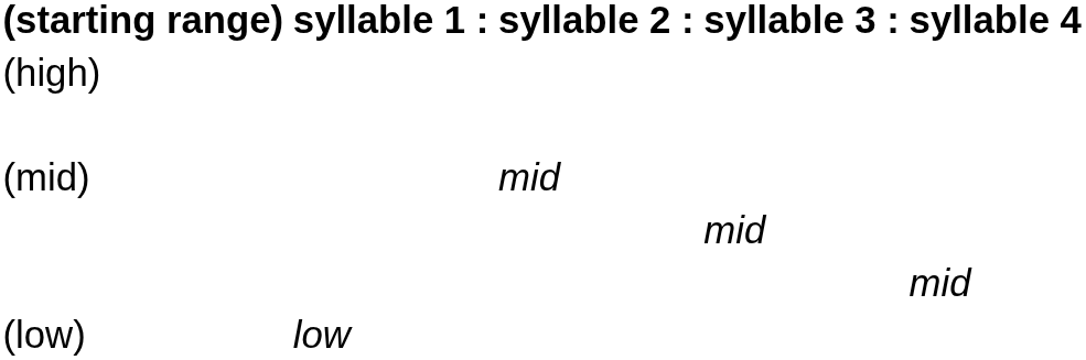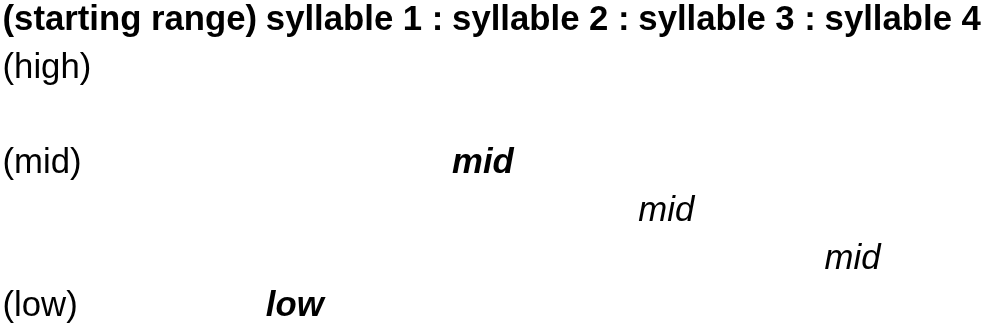 <table>
 <tr>
 <th>(starting range)</th>
 <th>syllable 1 :</th>
 <th>syllable 2 :</th>
 <th>syllable 3 :</th>
 <th>syllable 4</th>
 </tr>
 <tr>
 <td>(high)</td>
 <td></td>
 </tr>
 <tr>
 <td> </td>
 <td></td>
 </tr>
 <tr>
 <td>(mid)</td>
 <td></td>
-<td><em>mid</em></td>
+<td><strong><em>mid</em></strong></td>
 </tr>
 <tr>
 <td></td>
 <td></td>
 <td></td>
 <td><em>mid</em></td>
 </tr>
 <tr>
 <td></td>
 <td></td>
 <td></td>
 <td></td>
 <td><em>mid</em></td>
 </tr>
 <tr>
 <td>(low)</td>
-<td><em>low</em></td>
+<td><strong><em>low</em></strong></td>
 </tr>
 </table>
